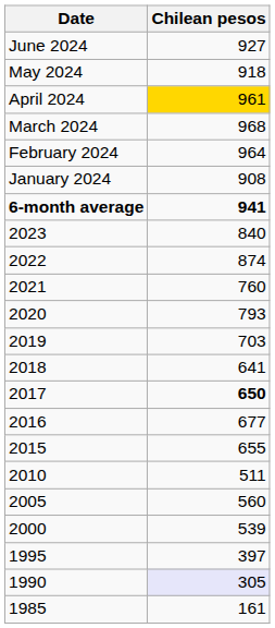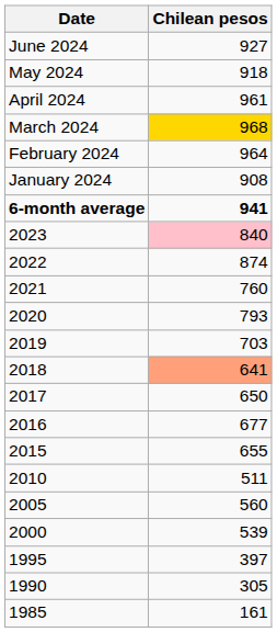 <table class="wikitable" style="float: left; margin-right: 1.5em">
 <tr>
 <th>Date</th>
 <th>Chilean pesos</th>
 </tr>
 <tr>
 <td>June 2024</td>
 <td style="text-align:right;">927</td>
 </tr>
 <tr>
 <td>May 2024</td>
 <td style="text-align:right;">918</td>
 </tr>
 <tr>
 <td>April 2024</td>
-<td style="background: gold; text-align:right;">961</td>
+<td style="text-align:right;">961</td>
 </tr>
 <tr>
 <td>March 2024</td>
-<td style="text-align:right;">968</td>
+<td style="background: gold; text-align:right;">968</td>
 </tr>
 <tr>
 <td>February 2024</td>
 <td style="text-align:right;">964</td>
 </tr>
 <tr>
 <td>January 2024</td>
 <td style="text-align:right;">908</td>
 </tr>
 <tr>
 <td><strong>6-month average</strong></td>
 <td style="text-align:right;"><strong>941</strong></td>
 </tr>
 <tr>
 <td>2023</td>
-<td style="text-align:right;">840</td>
+<td style="background: pink; text-align:right;">840</td>
 </tr>
 <tr>
 <td>2022</td>
 <td style="text-align:right;">874</td>
 </tr>
 <tr>
 <td>2021</td>
 <td style="text-align:right;">760</td>
 </tr>
 <tr>
 <td>2020</td>
 <td style="text-align:right;">793</td>
 </tr>
 <tr>
 <td>2019</td>
 <td style="text-align:right;">703</td>
 </tr>
 <tr>
 <td>2018</td>
-<td style="text-align:right;">641</td>
+<td style="background: lightsalmon; text-align:right;">641</td>
 </tr>
 <tr>
 <td>2017</td>
-<td style="text-align:right;"><strong>650</strong></td>
+<td style="text-align:right;">650</td>
 </tr>
 <tr>
 <td>2016</td>
 <td style="text-align:right;">677</td>
 </tr>
 <tr>
 <td>2015</td>
 <td style="text-align:right;">655</td>
 </tr>
 <tr>
 <td>2010</td>
 <td style="text-align:right;">511</td>
 </tr>
 <tr>
 <td>2005</td>
 <td style="text-align:right;">560</td>
 </tr>
 <tr>
 <td>2000</td>
 <td style="text-align:right;">539</td>
 </tr>
 <tr>
 <td>1995</td>
 <td style="text-align:right;">397</td>
 </tr>
 <tr>
 <td>1990</td>
-<td style="background: lavender; text-align:right;">305</td>
+<td style="text-align:right;">305</td>
 </tr>
 <tr>
 <td>1985</td>
 <td style="text-align:right;">161</td>
 </tr>
 </table>
